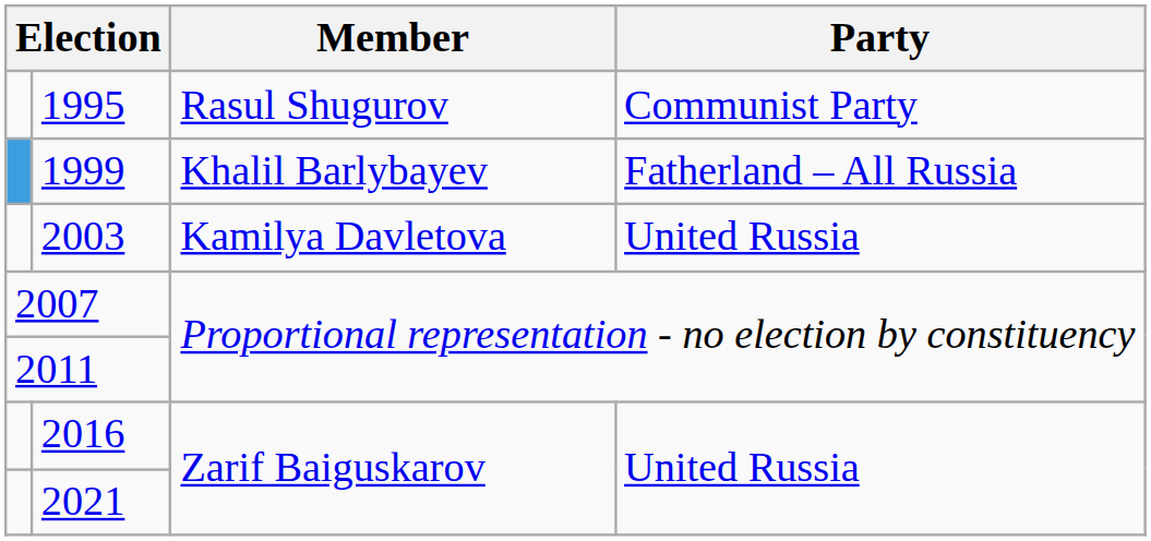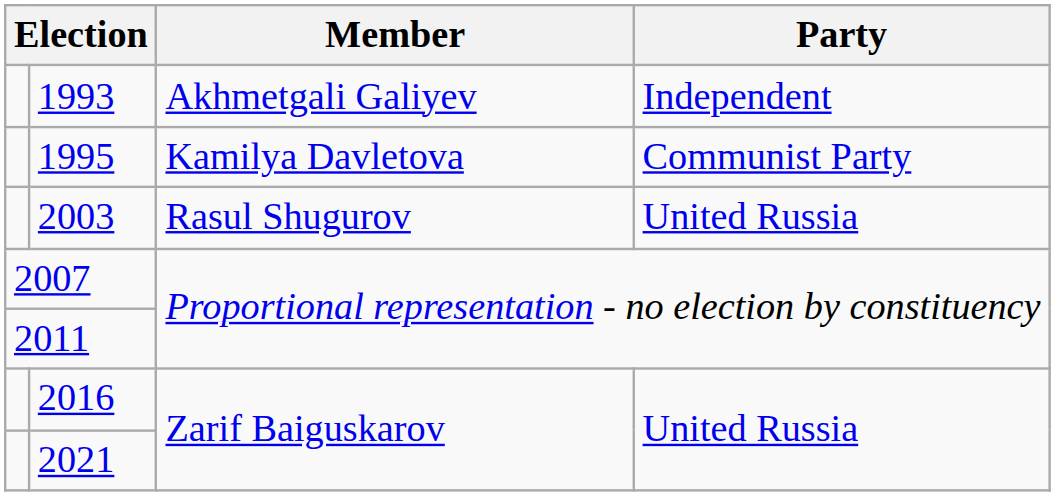 <table class="wikitable">
 <tr>
 <th colspan="2">Election</th>
 <th>Member</th>
 <th>Party</th>
 </tr>
 <tr>
 <td style="background-color:"></td>
-<td><a href='#'>1995</a></td>
-<td><a href='#'>Rasul Shugurov</a></td>
-<td><a href='#'>Communist Party</a></td>
+<td><a href='#'>1993</a></td>
+<td><a href='#'>Akhmetgali Galiyev</a></td>
+<td><a href='#'>Independent</a></td>
 </tr>
 <tr>
-<td style="background-color:#3B9EDF"></td>
-<td><a href='#'>1999</a></td>
-<td><a href='#'>Khalil Barlybayev</a></td>
-<td><a href='#'>Fatherland – All Russia</a></td>
+<td style="background-color:"></td>
+<td><a href='#'>1995</a></td>
+<td><a href='#'>Kamilya Davletova</a></td>
+<td><a href='#'>Communist Party</a></td>
 </tr>
 <tr>
 <td style="background-color:"></td>
 <td><a href='#'>2003</a></td>
-<td><a href='#'>Kamilya Davletova</a></td>
+<td><a href='#'>Rasul Shugurov</a></td>
 <td><a href='#'>United Russia</a></td>
 </tr>
 <tr>
 <td colspan=2><a href='#'>2007</a></td>
 <td colspan=2 rowspan=2><em><a href='#'>Proportional representation</a> - no election by constituency</em></td>
 </tr>
 <tr>
 <td colspan=2><a href='#'>2011</a></td>
 </tr>
 <tr>
 <td style="background-color: "></td>
 <td><a href='#'>2016</a></td>
 <td rowspan=2><a href='#'>Zarif Baiguskarov</a></td>
 <td rowspan=2><a href='#'>United Russia</a></td>
 </tr>
 <tr>
 <td style="background-color: "></td>
 <td><a href='#'>2021</a></td>
 </tr>
 </table>
